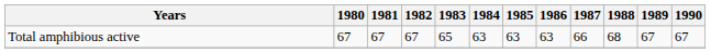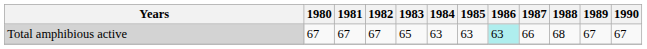 <table class="wikitable">
 <tr>
 <th style="width:47%;">Years</th>
 <th>1980</th>
 <th>1981</th>
 <th>1982</th>
 <th>1983</th>
 <th>1984</th>
 <th>1985</th>
 <th>1986</th>
 <th>1987</th>
 <th>1988</th>
 <th>1989</th>
 <th>1990</th>
 </tr>
 <tr valign="top">
-<td>Total amphibious active</td>
+<td style="background: lightgrey;">Total amphibious active</td>
 <td>67</td>
 <td>67</td>
 <td>67</td>
 <td>65</td>
 <td>63</td>
 <td>63</td>
-<td>63</td>
+<td style="background: paleturquoise;">63</td>
 <td>66</td>
 <td>68</td>
 <td>67</td>
 <td>67</td>
 </tr>
 <tr>
 </tr>
 </table>
